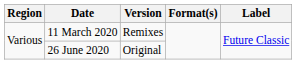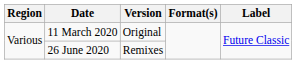 <table class="wikitable plainrowheaders">
 <tr>
 <th scope="col">Region</th>
 <th scope="col">Date</th>
 <th scope="col">Version</th>
 <th scope="col">Format(s)</th>
 <th scope="col">Label</th>
 </tr>
 <tr>
 <td rowspan="2">Various</td>
 <td>11 March 2020</td>
-<td>Remixes</td>
+<td>Original</td>
 <td rowspan="2"></td>
 <td rowspan="2"><a href='#'>Future Classic</a></td>
 </tr>
 <tr>
 <td>26 June 2020</td>
-<td>Original</td>
+<td>Remixes</td>
 </tr>
 </table>
